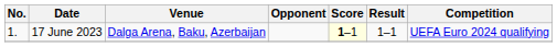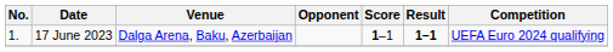 <table class="wikitable">
 <tr>
 <th>No.</th>
 <th>Date</th>
 <th>Venue</th>
 <th>Opponent</th>
 <th>Score</th>
 <th>Result</th>
 <th>Competition</th>
 </tr>
 <tr>
 <td>1.</td>
 <td>17 June 2023</td>
 <td><a href='#'>Dalga Arena</a>, <a href='#'>Baku</a>, <a href='#'>Azerbaijan</a></td>
 <td></td>
-<td align=center style="background: lightyellow;"><strong>1</strong>–1</td>
-<td align=center>1–1</td>
+<td align=center><strong>1</strong>–1</td>
+<td align=center><strong>1–1</strong></td>
 <td><a href='#'>UEFA Euro 2024 qualifying</a></td>
 </tr>
 <tr>
 </tr>
 </table>
